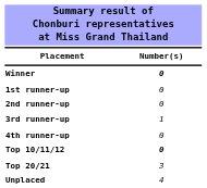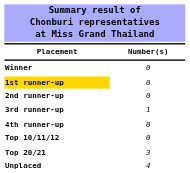 <table style="width: 270px; font-size:85%; line-height:1.5em;">
 <tr>
 <th colspan="2" align="center" style="background:#AAF;"><big>Summary result of<br>Chonburi representatives<br>at Miss Grand Thailand</big></th>
 </tr>
 <tr>
 <td colspan="2" style="background:black"></td>
 </tr>
 <tr>
 <th scope="col">Placement</th>
 <th scope="col">Number(s)</th>
 </tr>
 <tr>
 <td colspan="2" style="background:black"></td>
 </tr>
 <tr>
 <td align="left"><strong>Winner</strong></td>
-<td align="center"><strong><em>0</em></strong></td>
+<td align="center"><em>0</em></td>
 </tr>
 <tr>
-<td align="left"><strong>1st runner-up</strong></td>
+<td align="left" style="background: gold;"><strong>1st runner-up</strong></td>
 <td align="center"><em>0</em></td>
 </tr>
 <tr>
 <td align="left"><strong>2nd runner-up</strong></td>
 <td align="center"><em>0</em></td>
 </tr>
 <tr>
 <td align="left"><strong>3rd runner-up</strong></td>
 <td align="center"><em>1</em></td>
 </tr>
 <tr>
 <td align="left"><strong>4th runner-up</strong></td>
 <td align="center"><em>0</em></td>
 </tr>
 <tr>
 <td align="left"><strong>Top 10/11/12</strong></td>
-<td align="center"><strong><em>0</em></strong></td>
+<td align="center"><em>0</em></td>
 </tr>
 <tr>
 <td align="left"><strong>Top 20/21</strong></td>
 <td align="center"><em>3</em></td>
 </tr>
 <tr>
 <td align="left"><strong>Unplaced</strong></td>
 <td align="center"><em>4</em></td>
 </tr>
 </table>
